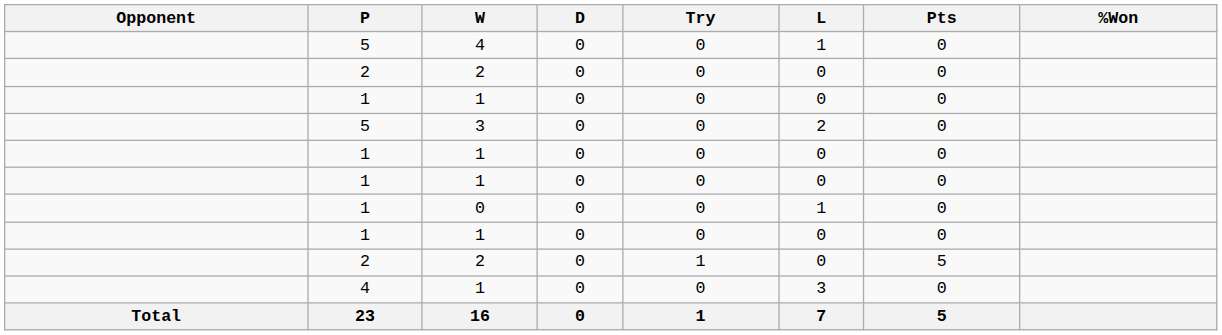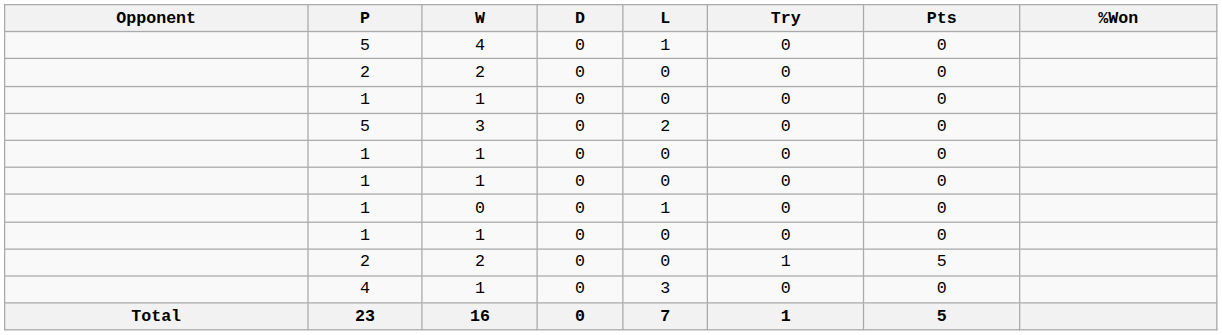 <table class="wikitable sortable" style="text-align:center;width:75%">
 <tr>
 <th style="width:25%;">Opponent</th>
 <th abbr="Played" style="width:15px;">P</th>
 <th abbr="Won" style="width:10px;">W</th>
 <th abbr="Drawn" style="width:10px;">D</th>
+<th abbr="Lost" style="width:10px;">L</th>
 <th abbr="Tries" style="width:15px;">Try</th>
-<th abbr="Lost" style="width:10px;">L</th>
 <th abbr="Points" style="width:18px;">Pts</th>
 <th abbr="Won" style="width:15px;">%Won</th>
 </tr>
 <tr>
 <td align="left"></td>
 <td>5</td>
 <td>4</td>
 <td>0</td>
+<td>1</td>
 <td>0</td>
-<td>1</td>
 <td>0</td>
 <td></td>
 </tr>
 <tr>
 <td align="left"></td>
 <td>2</td>
 <td>2</td>
 <td>0</td>
 <td>0</td>
 <td>0</td>
 <td>0</td>
 <td></td>
 </tr>
 <tr>
 <td align="left"></td>
 <td>1</td>
 <td>1</td>
 <td>0</td>
 <td>0</td>
 <td>0</td>
 <td>0</td>
 <td></td>
 </tr>
 <tr>
 <td align="left"></td>
 <td>5</td>
 <td>3</td>
 <td>0</td>
+<td>2</td>
 <td>0</td>
-<td>2</td>
 <td>0</td>
 <td></td>
 </tr>
 <tr>
 <td align="left"></td>
 <td>1</td>
 <td>1</td>
 <td>0</td>
 <td>0</td>
 <td>0</td>
 <td>0</td>
 <td></td>
 </tr>
 <tr>
 <td align="left"></td>
 <td>1</td>
 <td>1</td>
 <td>0</td>
 <td>0</td>
 <td>0</td>
 <td>0</td>
 <td></td>
 </tr>
 <tr>
 <td align="left"></td>
 <td>1</td>
 <td>0</td>
 <td>0</td>
+<td>1</td>
 <td>0</td>
-<td>1</td>
 <td>0</td>
 <td></td>
 </tr>
 <tr>
 <td align="left"></td>
 <td>1</td>
 <td>1</td>
 <td>0</td>
 <td>0</td>
 <td>0</td>
 <td>0</td>
 <td></td>
 </tr>
 <tr>
 <td align="left"></td>
 <td>2</td>
 <td>2</td>
 <td>0</td>
+<td>0</td>
 <td>1</td>
-<td>0</td>
 <td>5</td>
 <td></td>
 </tr>
 <tr>
 <td align="left"></td>
 <td>4</td>
 <td>1</td>
 <td>0</td>
+<td>3</td>
 <td>0</td>
-<td>3</td>
 <td>0</td>
 <td></td>
 </tr>
 <tr>
 <th>Total</th>
 <th>23</th>
 <th>16</th>
 <th>0</th>
+<th>7</th>
 <th>1</th>
-<th>7</th>
 <th>5</th>
 <th></th>
 </tr>
 </table>
